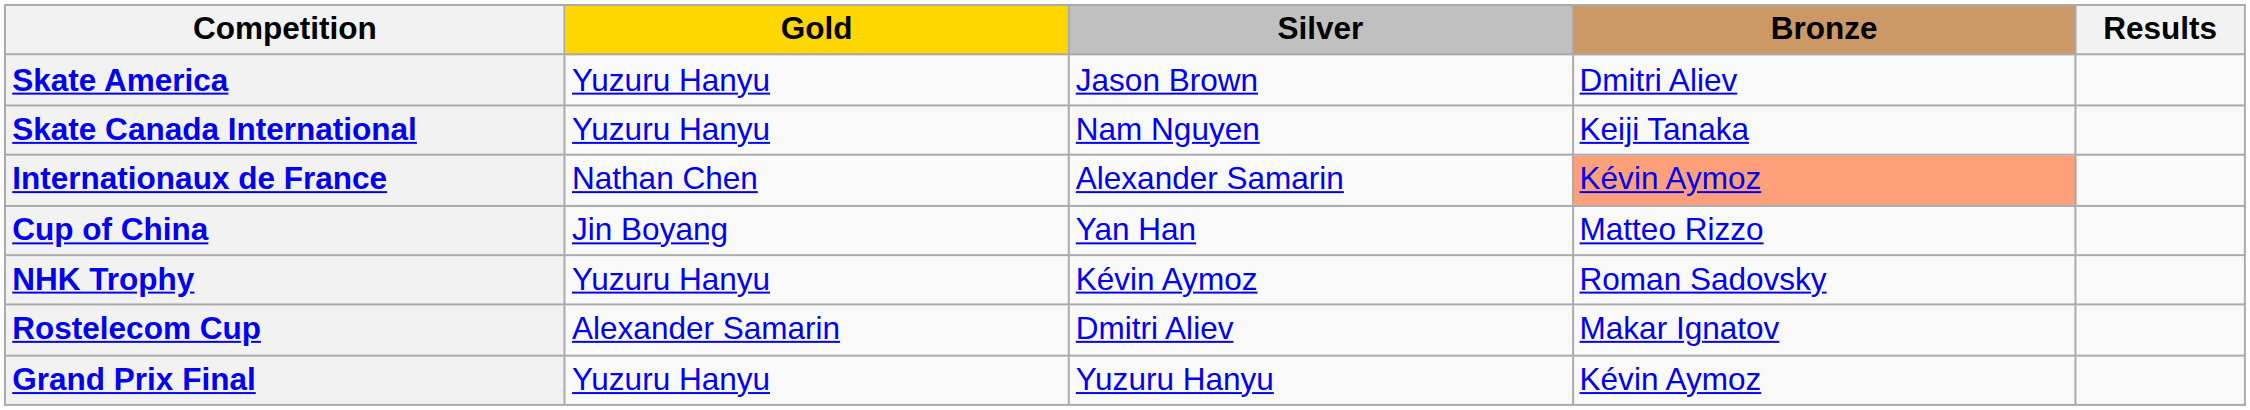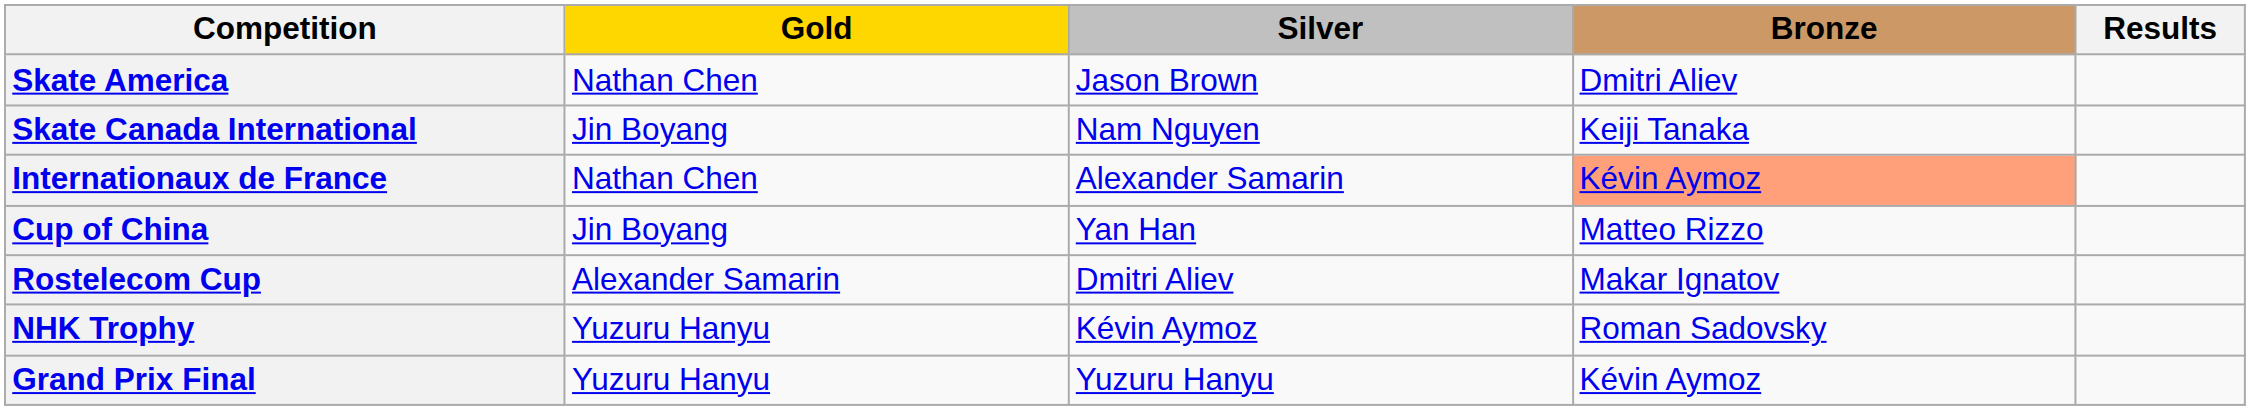 <table class="wikitable unsortable" style="text-align:left; width:90%">
 <tr>
 <th scope="col" style="text-align:center; width:25%;">Competition</th>
 <td scope="col" style="text-align:center; width:22.5%; background:gold"><strong>Gold</strong></td>
 <td scope="col" style="text-align:center; width:22.5%; background:silver"><strong>Silver</strong></td>
 <td scope="col" style="text-align:center; width:22.5%; background:#c96"><strong>Bronze</strong></td>
 <th scope="col" style="text-align:center; width:7.5%;">Results</th>
 </tr>
 <tr>
 <th scope="row" style="text-align:left"> <a href='#'>Skate America</a></th>
-<td> <a href='#'>Yuzuru Hanyu</a></td>
+<td> <a href='#'>Nathan Chen</a></td>
 <td> <a href='#'>Jason Brown</a></td>
 <td> <a href='#'>Dmitri Aliev</a></td>
 <td></td>
 </tr>
 <tr>
 <th scope="row" style="text-align:left"> <a href='#'>Skate Canada International</a></th>
-<td> <a href='#'>Yuzuru Hanyu</a></td>
+<td> <a href='#'>Jin Boyang</a></td>
 <td> <a href='#'>Nam Nguyen</a></td>
 <td> <a href='#'>Keiji Tanaka</a></td>
 <td></td>
 </tr>
 <tr>
 <th scope="row" style="text-align:left"> <a href='#'>Internationaux de France</a></th>
 <td> <a href='#'>Nathan Chen</a></td>
 <td> <a href='#'>Alexander Samarin</a></td>
 <td style="background: lightsalmon;"> <a href='#'>Kévin Aymoz</a></td>
 <td></td>
 </tr>
 <tr>
 <th scope="row" style="text-align:left"> <a href='#'>Cup of China</a></th>
 <td> <a href='#'>Jin Boyang</a></td>
 <td> <a href='#'>Yan Han</a></td>
 <td> <a href='#'>Matteo Rizzo</a></td>
 <td></td>
 </tr>
 <tr>
+<th scope="row" style="text-align:left"> <a href='#'>Rostelecom Cup</a></th>
+<td> <a href='#'>Alexander Samarin</a></td>
+<td> <a href='#'>Dmitri Aliev</a></td>
+<td> <a href='#'>Makar Ignatov</a></td>
+<td></td>
+</tr>
+<tr>
 <th scope="row" style="text-align:left"> <a href='#'>NHK Trophy</a></th>
 <td> <a href='#'>Yuzuru Hanyu</a></td>
 <td> <a href='#'>Kévin Aymoz</a></td>
 <td> <a href='#'>Roman Sadovsky</a></td>
-<td></td>
-</tr>
-<tr>
-<th scope="row" style="text-align:left"> <a href='#'>Rostelecom Cup</a></th>
-<td> <a href='#'>Alexander Samarin</a></td>
-<td> <a href='#'>Dmitri Aliev</a></td>
-<td> <a href='#'>Makar Ignatov</a></td>
 <td></td>
 </tr>
 <tr>
 <th scope="row" style="text-align:left"> <a href='#'>Grand Prix Final</a></th>
 <td> <a href='#'>Yuzuru Hanyu</a></td>
 <td> <a href='#'>Yuzuru Hanyu</a></td>
 <td> <a href='#'>Kévin Aymoz</a></td>
 <td></td>
 </tr>
 </table>
